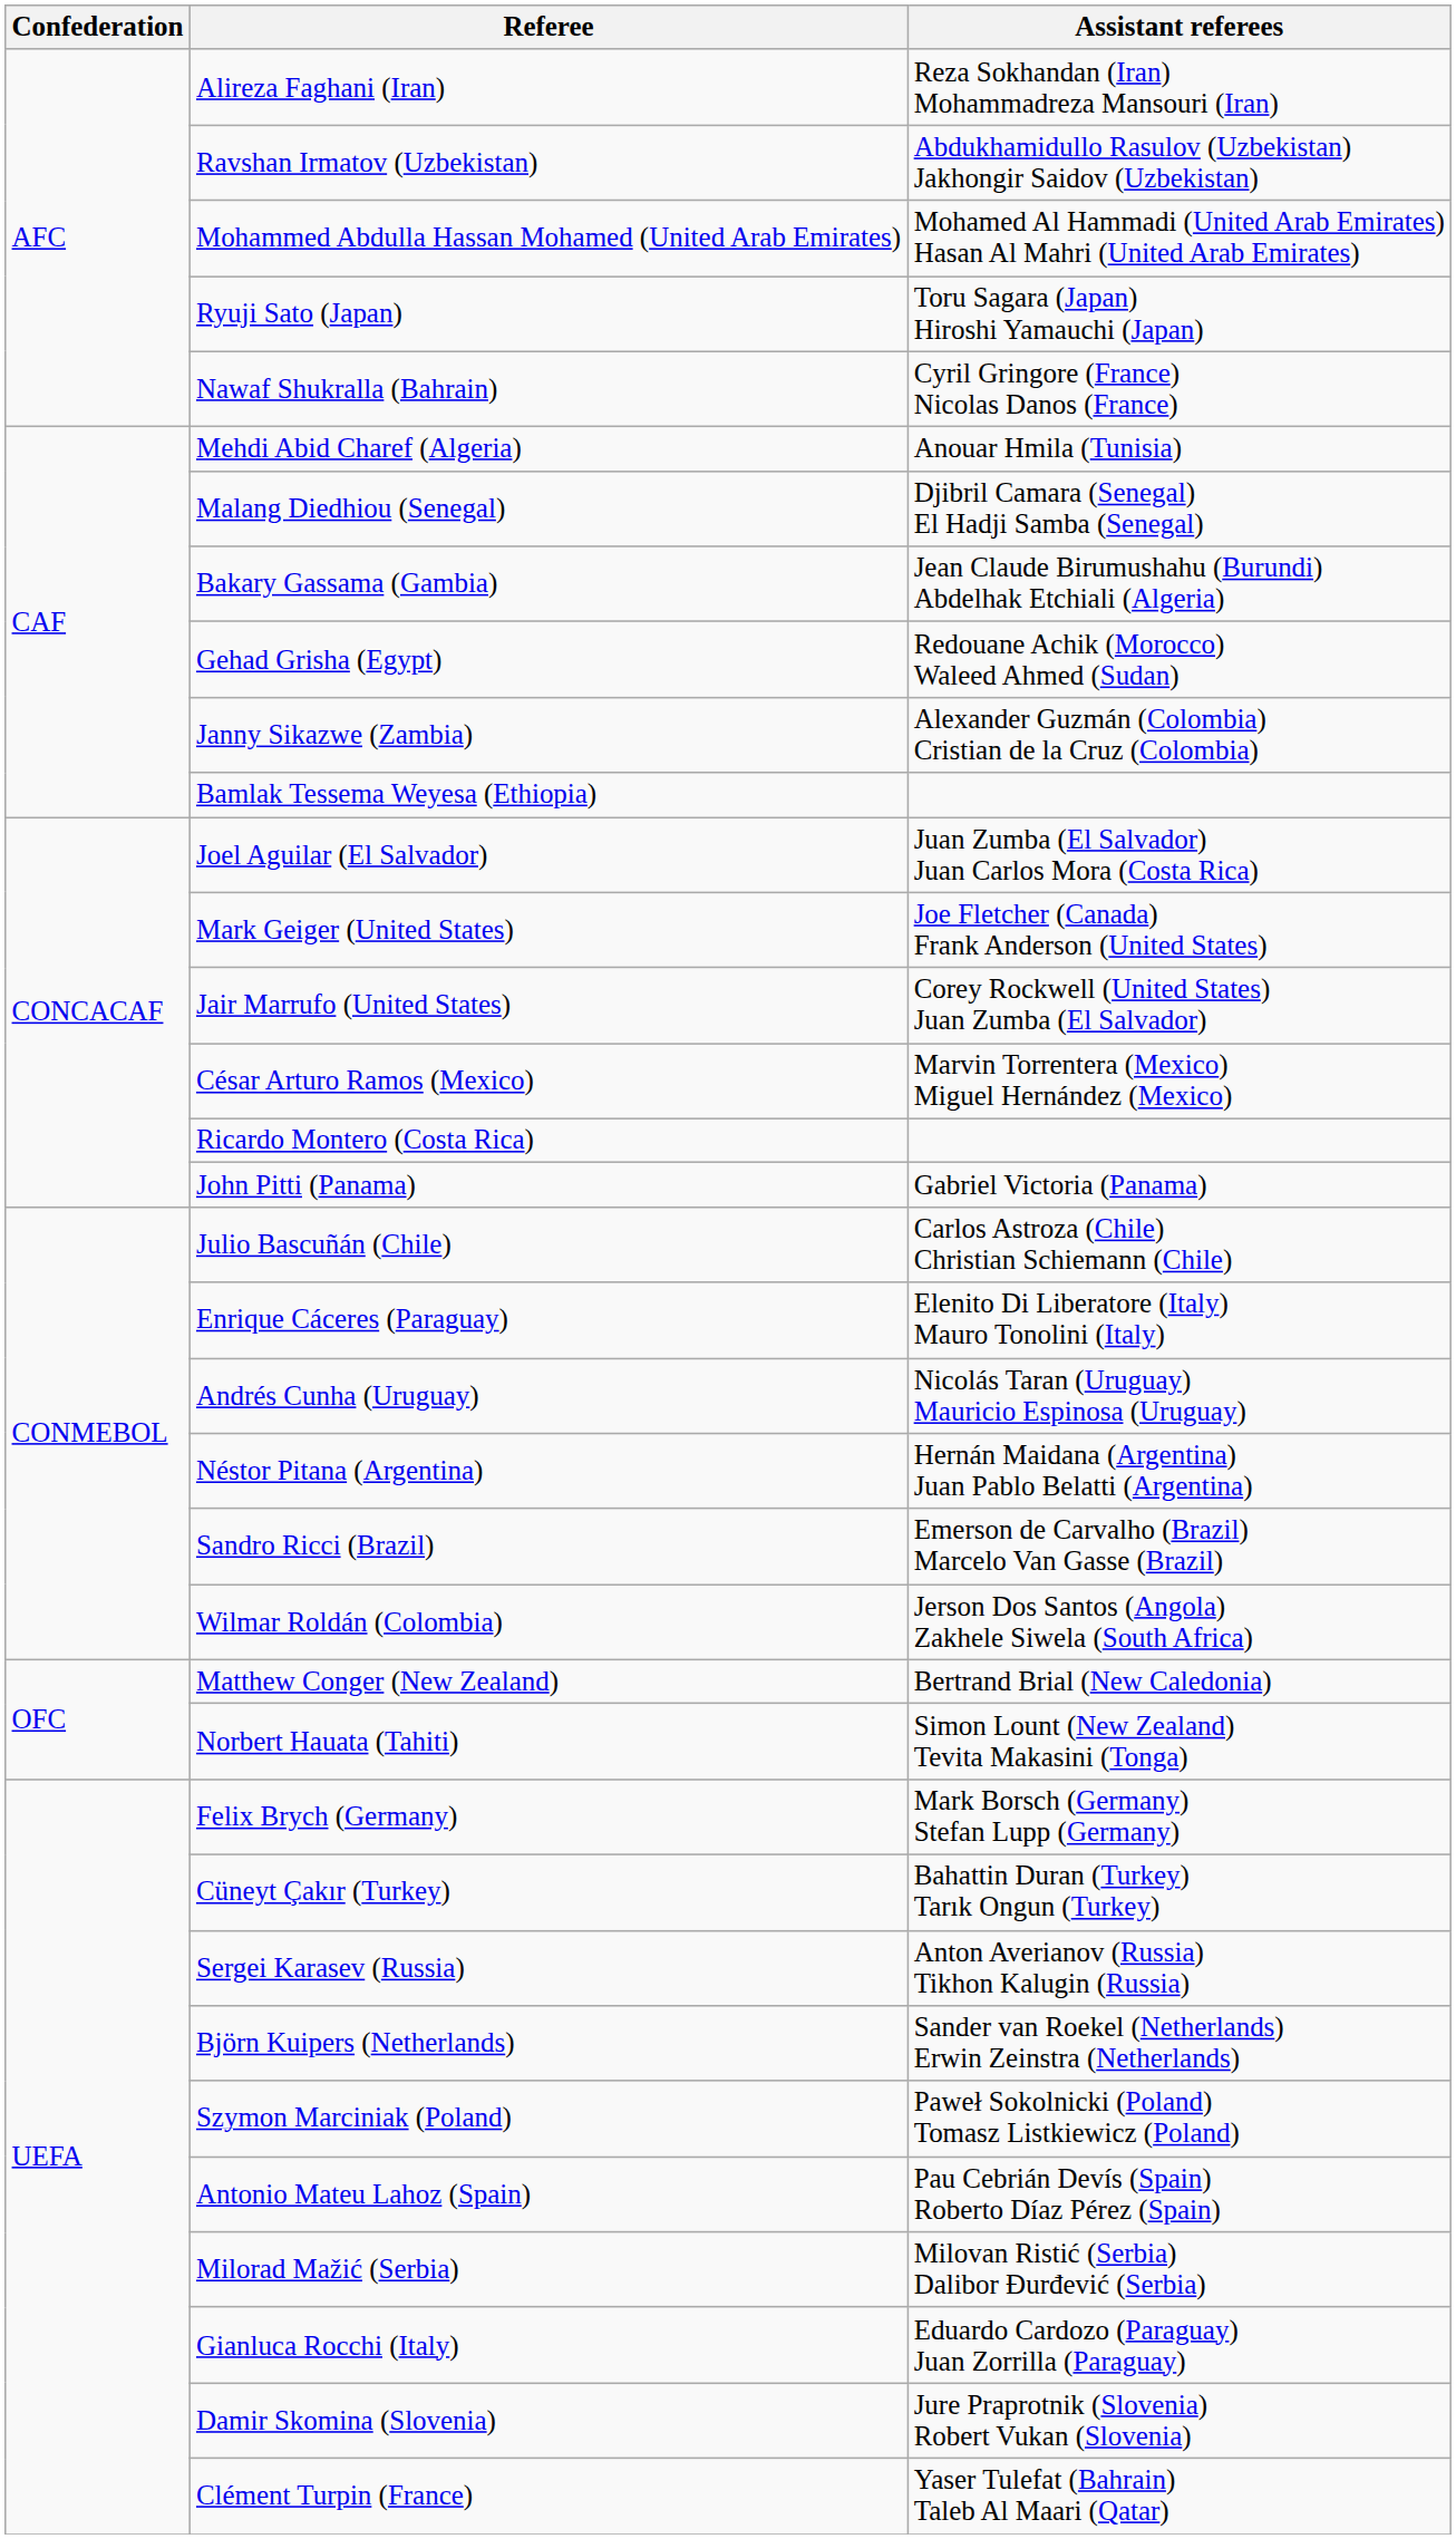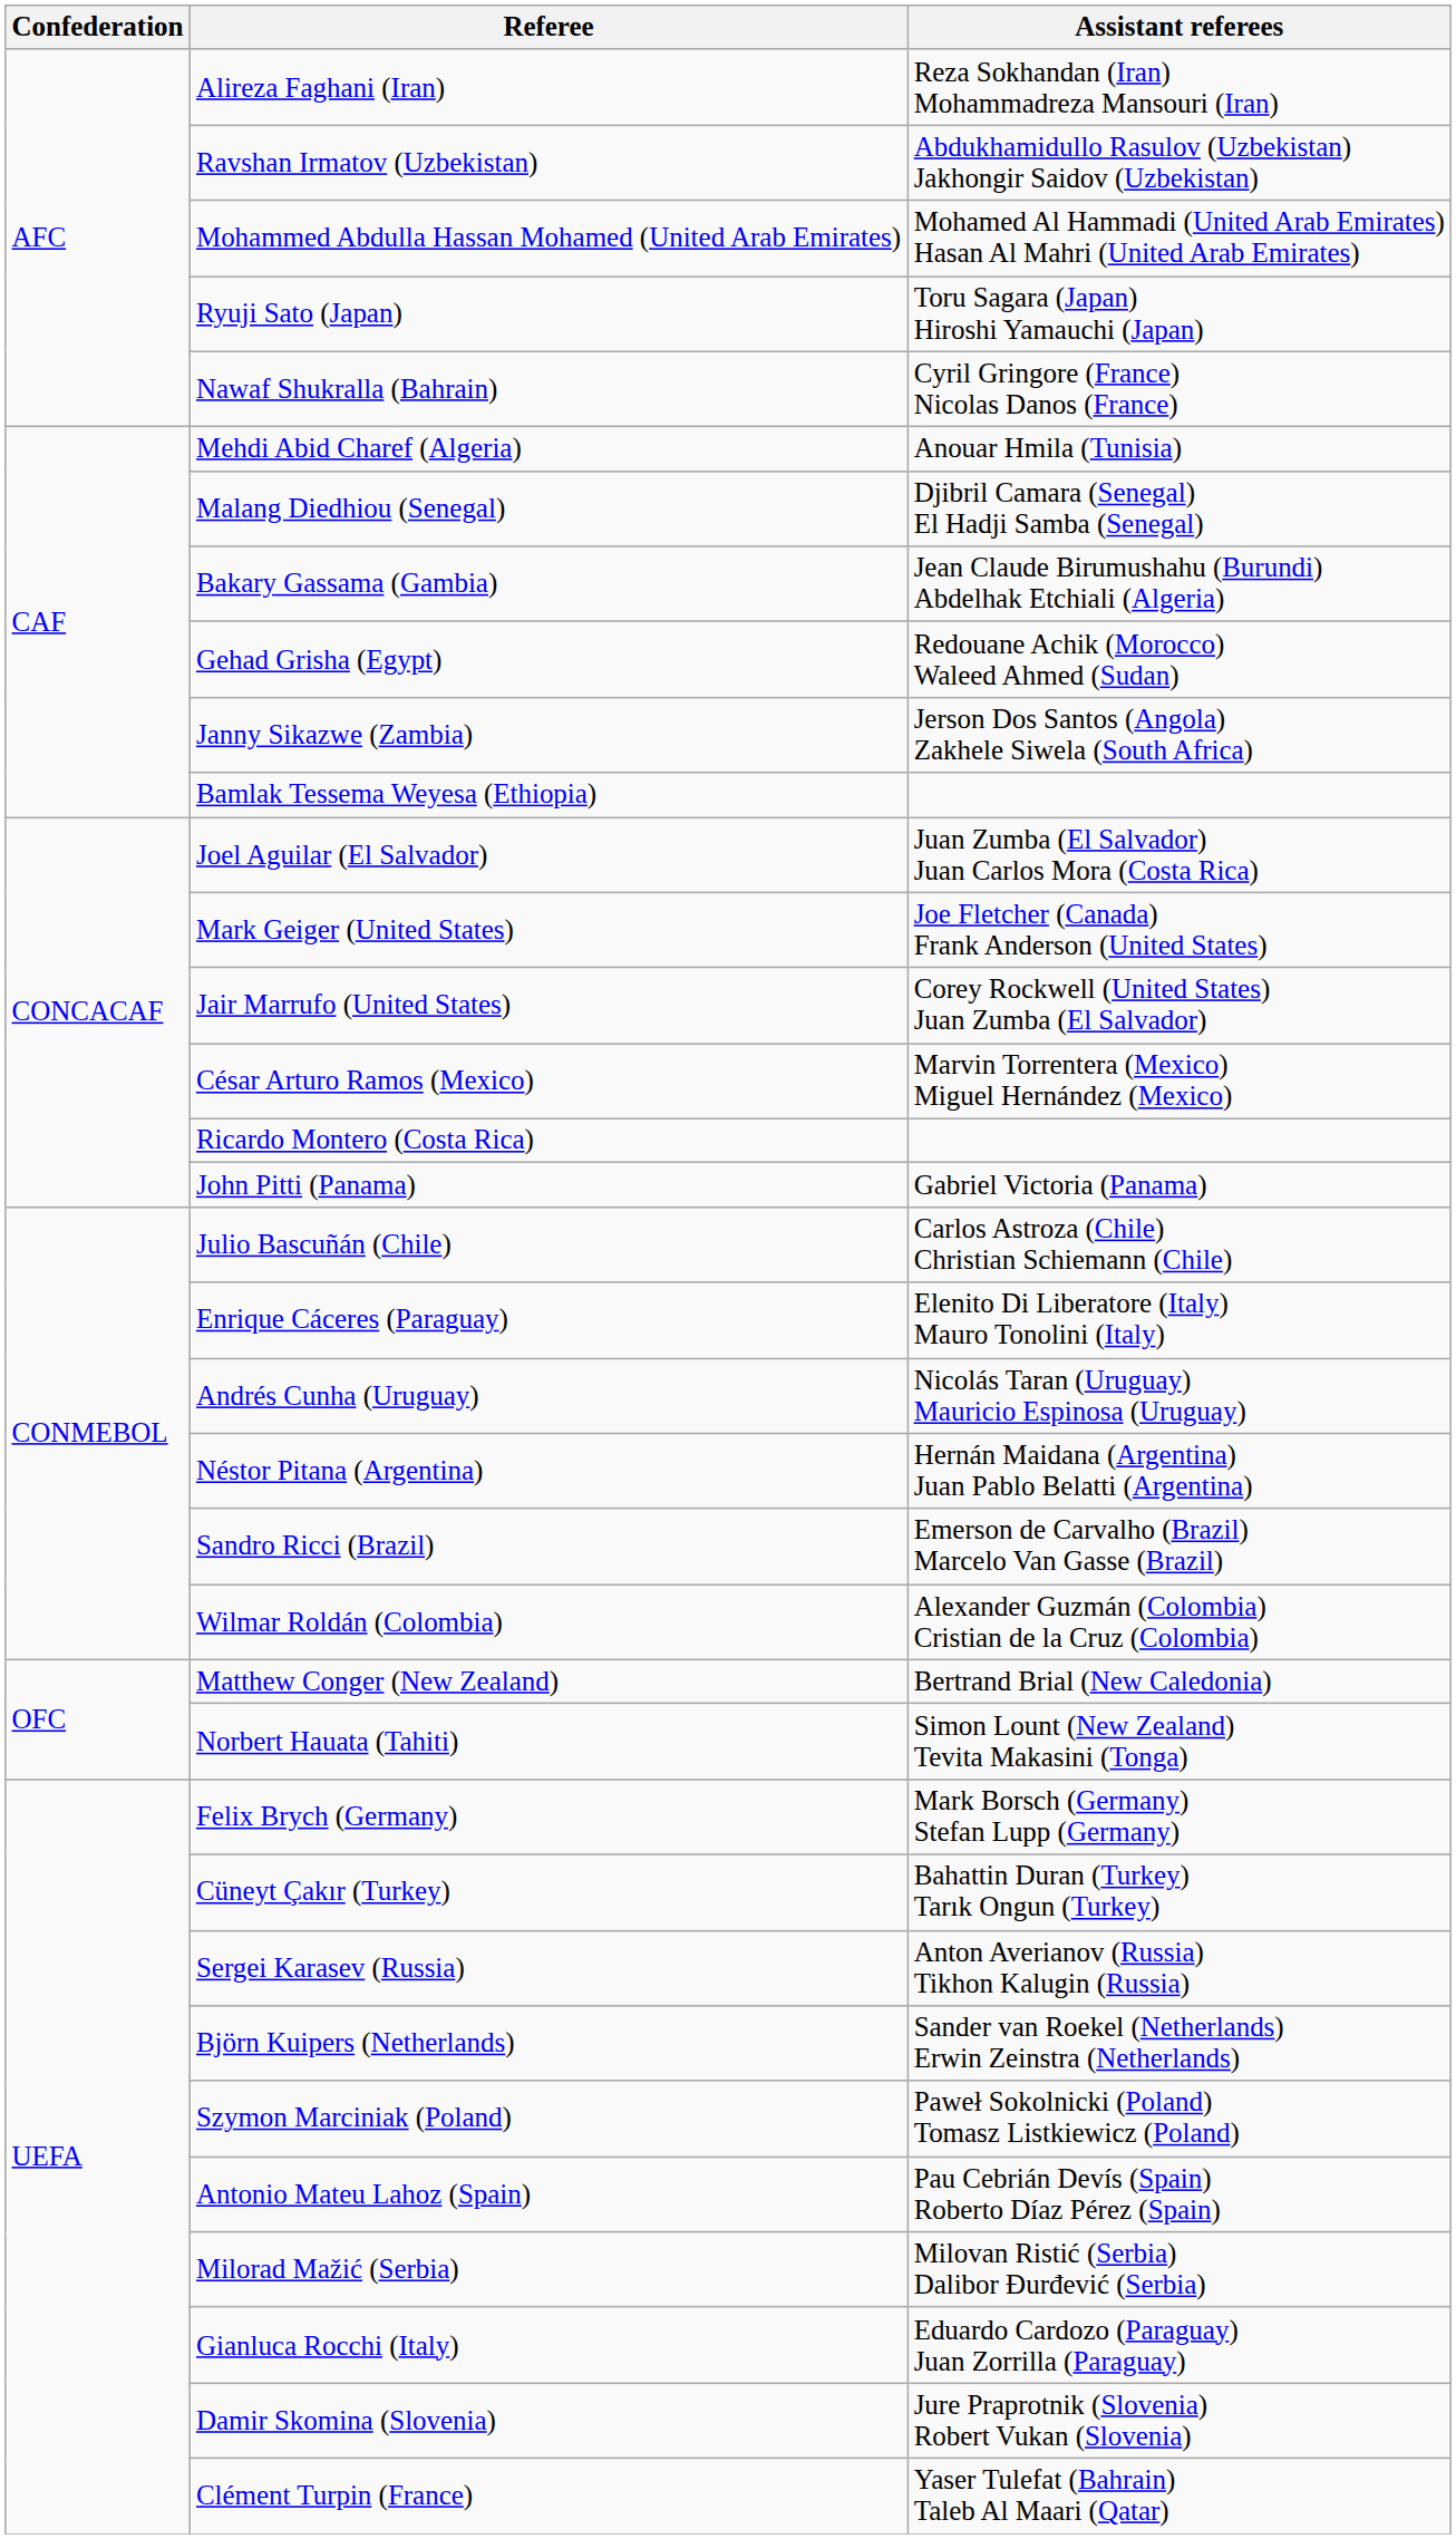 <table class="wikitable">
 <tr>
 <th>Confederation</th>
 <th>Referee</th>
 <th>Assistant referees</th>
 </tr>
 <tr>
 <td rowspan="5"><a href='#'>AFC</a></td>
 <td><a href='#'>Alireza Faghani</a> (<a href='#'>Iran</a>)</td>
 <td>Reza Sokhandan (<a href='#'>Iran</a>)<br>Mohammadreza Mansouri (<a href='#'>Iran</a>)</td>
 </tr>
 <tr>
 <td><a href='#'>Ravshan Irmatov</a> (<a href='#'>Uzbekistan</a>)</td>
 <td><a href='#'>Abdukhamidullo Rasulov</a> (<a href='#'>Uzbekistan</a>)<br>Jakhongir Saidov (<a href='#'>Uzbekistan</a>)</td>
 </tr>
 <tr>
 <td><a href='#'>Mohammed Abdulla Hassan Mohamed</a> (<a href='#'>United Arab Emirates</a>)</td>
 <td>Mohamed Al Hammadi (<a href='#'>United Arab Emirates</a>)<br>Hasan Al Mahri (<a href='#'>United Arab Emirates</a>)</td>
 </tr>
 <tr>
 <td><a href='#'>Ryuji Sato</a> (<a href='#'>Japan</a>)</td>
 <td>Toru Sagara (<a href='#'>Japan</a>)<br>Hiroshi Yamauchi (<a href='#'>Japan</a>)</td>
 </tr>
 <tr>
 <td><a href='#'>Nawaf Shukralla</a> (<a href='#'>Bahrain</a>)</td>
 <td>Cyril Gringore (<a href='#'>France</a>)<br>Nicolas Danos (<a href='#'>France</a>)</td>
 </tr>
 <tr>
 <td rowspan="6"><a href='#'>CAF</a></td>
 <td><a href='#'>Mehdi Abid Charef</a> (<a href='#'>Algeria</a>)</td>
 <td>Anouar Hmila (<a href='#'>Tunisia</a>)</td>
 </tr>
 <tr>
 <td><a href='#'>Malang Diedhiou</a> (<a href='#'>Senegal</a>)</td>
 <td>Djibril Camara (<a href='#'>Senegal</a>)<br>El Hadji Samba (<a href='#'>Senegal</a>)</td>
 </tr>
 <tr>
 <td><a href='#'>Bakary Gassama</a> (<a href='#'>Gambia</a>)</td>
 <td>Jean Claude Birumushahu (<a href='#'>Burundi</a>)<br>Abdelhak Etchiali (<a href='#'>Algeria</a>)</td>
 </tr>
 <tr>
 <td><a href='#'>Gehad Grisha</a> (<a href='#'>Egypt</a>)</td>
 <td>Redouane Achik (<a href='#'>Morocco</a>)<br>Waleed Ahmed (<a href='#'>Sudan</a>)</td>
 </tr>
 <tr>
 <td><a href='#'>Janny Sikazwe</a> (<a href='#'>Zambia</a>)</td>
-<td>Alexander Guzmán (<a href='#'>Colombia</a>)<br>Cristian de la Cruz (<a href='#'>Colombia</a>)</td>
+<td>Jerson Dos Santos (<a href='#'>Angola</a>)<br>Zakhele Siwela (<a href='#'>South Africa</a>)</td>
 </tr>
 <tr>
 <td><a href='#'>Bamlak Tessema Weyesa</a> (<a href='#'>Ethiopia</a>)</td>
 <td></td>
 </tr>
 <tr>
 <td rowspan="6"><a href='#'>CONCACAF</a></td>
 <td><a href='#'>Joel Aguilar</a> (<a href='#'>El Salvador</a>)</td>
 <td>Juan Zumba (<a href='#'>El Salvador</a>)<br>Juan Carlos Mora (<a href='#'>Costa Rica</a>)</td>
 </tr>
 <tr>
 <td><a href='#'>Mark Geiger</a> (<a href='#'>United States</a>)</td>
 <td><a href='#'>Joe Fletcher</a> (<a href='#'>Canada</a>)<br>Frank Anderson (<a href='#'>United States</a>)</td>
 </tr>
 <tr>
 <td><a href='#'>Jair Marrufo</a> (<a href='#'>United States</a>)</td>
 <td>Corey Rockwell (<a href='#'>United States</a>)<br>Juan Zumba (<a href='#'>El Salvador</a>)</td>
 </tr>
 <tr>
 <td><a href='#'>César Arturo Ramos</a> (<a href='#'>Mexico</a>)</td>
 <td>Marvin Torrentera (<a href='#'>Mexico</a>)<br>Miguel Hernández (<a href='#'>Mexico</a>)</td>
 </tr>
 <tr>
 <td><a href='#'>Ricardo Montero</a> (<a href='#'>Costa Rica</a>)</td>
 <td></td>
 </tr>
 <tr>
 <td><a href='#'>John Pitti</a> (<a href='#'>Panama</a>)</td>
 <td>Gabriel Victoria (<a href='#'>Panama</a>)</td>
 </tr>
 <tr>
 <td rowspan="6"><a href='#'>CONMEBOL</a></td>
 <td><a href='#'>Julio Bascuñán</a> (<a href='#'>Chile</a>)</td>
 <td>Carlos Astroza (<a href='#'>Chile</a>)<br>Christian Schiemann (<a href='#'>Chile</a>)</td>
 </tr>
 <tr>
 <td><a href='#'>Enrique Cáceres</a> (<a href='#'>Paraguay</a>)</td>
 <td>Elenito Di Liberatore (<a href='#'>Italy</a>)<br>Mauro Tonolini (<a href='#'>Italy</a>)</td>
 </tr>
 <tr>
 <td><a href='#'>Andrés Cunha</a> (<a href='#'>Uruguay</a>)</td>
 <td>Nicolás Taran (<a href='#'>Uruguay</a>)<br><a href='#'>Mauricio Espinosa</a> (<a href='#'>Uruguay</a>)</td>
 </tr>
 <tr>
 <td><a href='#'>Néstor Pitana</a> (<a href='#'>Argentina</a>)</td>
 <td>Hernán Maidana (<a href='#'>Argentina</a>)<br>Juan Pablo Belatti (<a href='#'>Argentina</a>)</td>
 </tr>
 <tr>
 <td><a href='#'>Sandro Ricci</a> (<a href='#'>Brazil</a>)</td>
 <td>Emerson de Carvalho (<a href='#'>Brazil</a>)<br>Marcelo Van Gasse (<a href='#'>Brazil</a>)</td>
 </tr>
 <tr>
 <td><a href='#'>Wilmar Roldán</a> (<a href='#'>Colombia</a>)</td>
-<td>Jerson Dos Santos (<a href='#'>Angola</a>)<br>Zakhele Siwela (<a href='#'>South Africa</a>)</td>
+<td>Alexander Guzmán (<a href='#'>Colombia</a>)<br>Cristian de la Cruz (<a href='#'>Colombia</a>)</td>
 </tr>
 <tr>
 <td rowspan="2"><a href='#'>OFC</a></td>
 <td><a href='#'>Matthew Conger</a> (<a href='#'>New Zealand</a>)</td>
 <td>Bertrand Brial (<a href='#'>New Caledonia</a>)</td>
 </tr>
 <tr>
 <td><a href='#'>Norbert Hauata</a> (<a href='#'>Tahiti</a>)</td>
 <td>Simon Lount (<a href='#'>New Zealand</a>)<br>Tevita Makasini (<a href='#'>Tonga</a>)</td>
 </tr>
 <tr>
 <td rowspan="10"><a href='#'>UEFA</a></td>
 <td><a href='#'>Felix Brych</a> (<a href='#'>Germany</a>)</td>
 <td>Mark Borsch (<a href='#'>Germany</a>)<br>Stefan Lupp (<a href='#'>Germany</a>)</td>
 </tr>
 <tr>
 <td><a href='#'>Cüneyt Çakır</a> (<a href='#'>Turkey</a>)</td>
 <td>Bahattin Duran (<a href='#'>Turkey</a>)<br>Tarık Ongun (<a href='#'>Turkey</a>)</td>
 </tr>
 <tr>
 <td><a href='#'>Sergei Karasev</a> (<a href='#'>Russia</a>)</td>
 <td>Anton Averianov (<a href='#'>Russia</a>)<br>Tikhon Kalugin (<a href='#'>Russia</a>)</td>
 </tr>
 <tr>
 <td><a href='#'>Björn Kuipers</a> (<a href='#'>Netherlands</a>)</td>
 <td>Sander van Roekel (<a href='#'>Netherlands</a>)<br>Erwin Zeinstra (<a href='#'>Netherlands</a>)</td>
 </tr>
 <tr>
 <td><a href='#'>Szymon Marciniak</a> (<a href='#'>Poland</a>)</td>
 <td>Paweł Sokolnicki (<a href='#'>Poland</a>)<br>Tomasz Listkiewicz (<a href='#'>Poland</a>)</td>
 </tr>
 <tr>
 <td><a href='#'>Antonio Mateu Lahoz</a> (<a href='#'>Spain</a>)</td>
 <td>Pau Cebrián Devís (<a href='#'>Spain</a>)<br>Roberto Díaz Pérez (<a href='#'>Spain</a>)</td>
 </tr>
 <tr>
 <td><a href='#'>Milorad Mažić</a> (<a href='#'>Serbia</a>)</td>
 <td>Milovan Ristić (<a href='#'>Serbia</a>)<br>Dalibor Đurđević (<a href='#'>Serbia</a>)</td>
 </tr>
 <tr>
 <td><a href='#'>Gianluca Rocchi</a> (<a href='#'>Italy</a>)</td>
 <td>Eduardo Cardozo (<a href='#'>Paraguay</a>)<br>Juan Zorrilla (<a href='#'>Paraguay</a>)</td>
 </tr>
 <tr>
 <td><a href='#'>Damir Skomina</a> (<a href='#'>Slovenia</a>)</td>
 <td>Jure Praprotnik (<a href='#'>Slovenia</a>)<br>Robert Vukan (<a href='#'>Slovenia</a>)</td>
 </tr>
 <tr>
 <td><a href='#'>Clément Turpin</a> (<a href='#'>France</a>)</td>
 <td>Yaser Tulefat (<a href='#'>Bahrain</a>)<br>Taleb Al Maari (<a href='#'>Qatar</a>)</td>
 </tr>
 </table>
